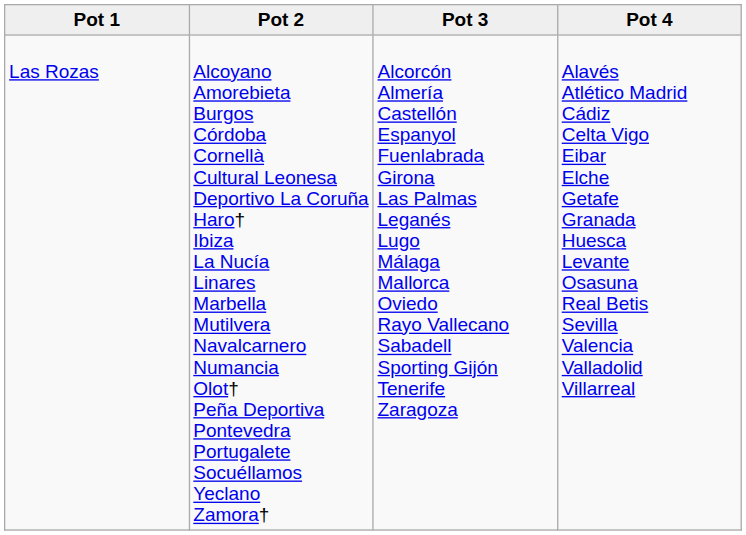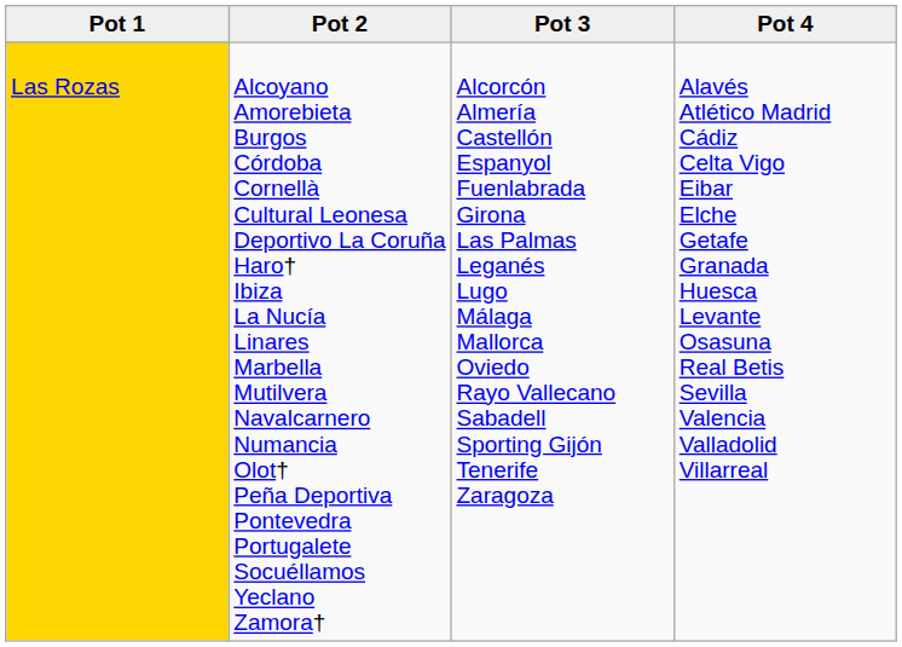 <table class="wikitable" style="font-size:90%">
 <tr bgcolor=#efefef align=center>
 <td width=25%><strong>Pot 1</strong><br></td>
 <td width="25%"><strong>Pot 2</strong><br></td>
 <td width=25%><strong>Pot 3</strong><br></td>
 <td width=25%><strong>Pot 4</strong><br></td>
 </tr>
 <tr valign=top>
-<td><br><a href='#'>Las Rozas</a></td>
+<td style="background: gold;"><br><a href='#'>Las Rozas</a></td>
 <td><br><a href='#'>Alcoyano</a><br> <a href='#'>Amorebieta</a><br> <a href='#'>Burgos</a><br> <a href='#'>Córdoba</a><br> <a href='#'>Cornellà</a><br> <a href='#'>Cultural Leonesa</a><br> <a href='#'>Deportivo La Coruña</a><br> <a href='#'>Haro</a>†<br> <a href='#'>Ibiza</a><br> <a href='#'>La Nucía</a><br> <a href='#'>Linares</a><br> <a href='#'>Marbella</a><br> <a href='#'>Mutilvera</a><br> <a href='#'>Navalcarnero</a><br> <a href='#'>Numancia</a><br> <a href='#'>Olot</a>†<br> <a href='#'>Peña Deportiva</a><br> <a href='#'>Pontevedra</a><br> <a href='#'>Portugalete</a><br> <a href='#'>Socuéllamos</a><br> <a href='#'>Yeclano</a><br> <a href='#'>Zamora</a>†</td>
 <td><br><a href='#'>Alcorcón</a><br> <a href='#'>Almería</a><br> <a href='#'>Castellón</a><br> <a href='#'>Espanyol</a><br> <a href='#'>Fuenlabrada</a><br> <a href='#'>Girona</a><br> <a href='#'>Las Palmas</a><br> <a href='#'>Leganés</a><br> <a href='#'>Lugo</a><br> <a href='#'>Málaga</a><br> <a href='#'>Mallorca</a><br> <a href='#'>Oviedo</a><br> <a href='#'>Rayo Vallecano</a><br> <a href='#'>Sabadell</a><br> <a href='#'>Sporting Gijón</a><br> <a href='#'>Tenerife</a><br> <a href='#'>Zaragoza</a></td>
 <td><br><a href='#'>Alavés</a><br> <a href='#'>Atlético Madrid</a><br> <a href='#'>Cádiz</a><br> <a href='#'>Celta Vigo</a><br> <a href='#'>Eibar</a><br> <a href='#'>Elche</a><br> <a href='#'>Getafe</a><br> <a href='#'>Granada</a><br> <a href='#'>Huesca</a><br> <a href='#'>Levante</a><br> <a href='#'>Osasuna</a><br> <a href='#'>Real Betis</a><br> <a href='#'>Sevilla</a><br> <a href='#'>Valencia</a><br> <a href='#'>Valladolid</a><br> <a href='#'>Villarreal</a></td>
 </tr>
 </table>
